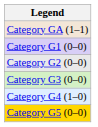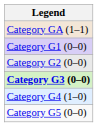 <table class="sortable wikitable">
 <tr>
 <th>Legend</th>
 </tr>
 <tr bgcolor="F3E6D7">
 <td><a href='#'>Category GA</a> (1–1)</td>
 </tr>
 <tr bgcolor="d8cef6">
 <td><a href='#'>Category G1</a> (0–0)</td>
 </tr>
 <tr bgcolor="e9e9e9">
 <td><a href='#'>Category G2</a> (0–0)</td>
 </tr>
 <tr bgcolor="D4F1C5">
-<td><a href='#'>Category G3</a> (0–0)</td>
+<td><strong><a href='#'>Category G3</a> (0–0)</strong></td>
 </tr>
 <tr bgcolor="dfeeff">
 <td><a href='#'>Category G4</a> (1–0)</td>
 </tr>
 <tr>
-<td style="background: gold;"><a href='#'>Category G5</a> (0–0)</td>
+<td><a href='#'>Category G5</a> (0–0)</td>
 </tr>
 </table>
